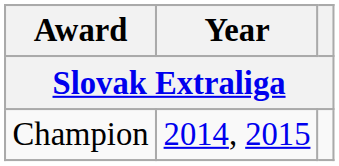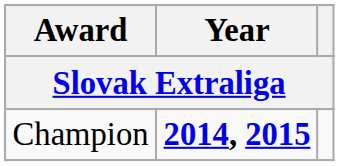 <table class="wikitable">
 <tr>
 <th>Award</th>
 <th>Year</th>
 <th></th>
 </tr>
 <tr>
 <th colspan="3"><a href='#'>Slovak Extraliga</a></th>
 </tr>
 <tr>
 <td>Champion</td>
-<td><a href='#'>2014</a>, <a href='#'>2015</a></td>
+<td><strong><a href='#'>2014</a>, <a href='#'>2015</a></strong></td>
 <td></td>
 </tr>
 </table>
